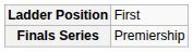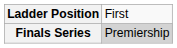 <table class="wikitable">
 <tr>
 <th>Ladder Position</th>
 <td>First</td>
 </tr>
 <tr>
 <th>Finals Series</th>
-<td>Premiership</td>
+<td style="background: lightgrey;">Premiership</td>
 </tr>
 </table>
